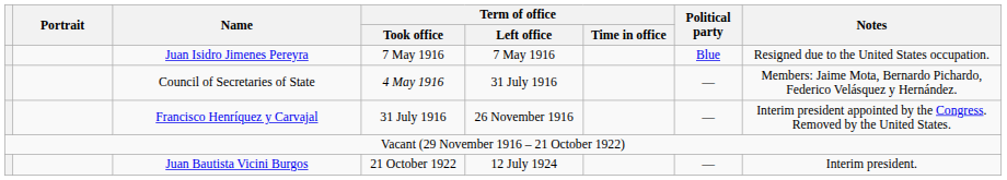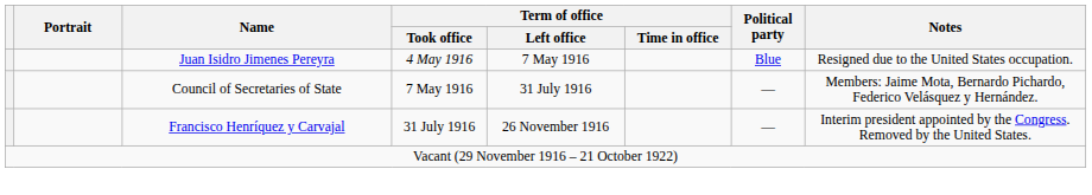 <table class="wikitable" style="text-align:center">
 <tr>
 <th rowspan="2"></th>
 <th rowspan="2" width="10%">Portrait</th>
 <th rowspan="2" width="25%">Name<br></th>
 <th colspan="3" width="31.4%">Term of office</th>
 <th rowspan="2">Political<br>party</th>
 <th rowspan="2" width="26%">Notes</th>
 </tr>
 <tr>
 <th>Took office</th>
 <th>Left office</th>
 <th>Time in office</th>
 </tr>
 <tr>
 <th style="background:"></th>
 <td></td>
 <td><a href='#'>Juan Isidro Jimenes Pereyra</a><br></td>
-<td>7 May 1916</td>
+<td><em>4 May 1916</em></td>
 <td>7 May 1916</td>
 <td></td>
 <td><a href='#'>Blue</a></td>
 <td>Resigned due to the United States occupation.</td>
 </tr>
 <tr>
 <th style="background:"></th>
 <td></td>
 <td>Council of Secretaries of State</td>
-<td><em>4 May 1916</em></td>
+<td>7 May 1916</td>
 <td>31 July 1916</td>
 <td></td>
 <td>—</td>
 <td>Members: Jaime Mota, Bernardo Pichardo, Federico Velásquez y Hernández.</td>
 </tr>
 <tr>
 <th style="background:"></th>
 <td></td>
 <td><a href='#'>Francisco Henríquez y Carvajal</a><br></td>
 <td>31 July 1916</td>
 <td>26 November 1916</td>
 <td></td>
 <td>—</td>
 <td>Interim president appointed by the <a href='#'>Congress</a>. Removed by the United States.</td>
 </tr>
 <tr>
 <td colspan="8">Vacant (29 November 1916 – 21 October 1922)</td>
 </tr>
-<tr>
-<th style="background:"></th>
-<td></td>
-<td><a href='#'>Juan Bautista Vicini Burgos</a><br></td>
-<td>21 October 1922</td>
-<td>12 July 1924</td>
-<td></td>
-<td>—</td>
-<td>Interim president.</td>
-</tr>
 </table>
